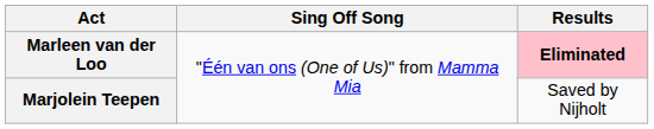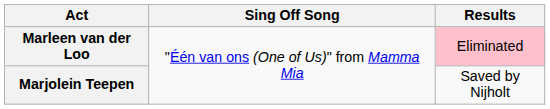 <table class="wikitable plainrowheaders" style="text-align:center;">
 <tr>
 <th scope="col">Act</th>
 <th scope="col">Sing Off Song</th>
 <th scope="col">Results</th>
 </tr>
 <tr>
 <th scope="row">Marleen van der Loo</th>
 <td rowspan="2">"<a href='#'>Één van ons</a> <em>(One of Us)</em>" from <em><a href='#'>Mamma Mia</a></em></td>
-<td style="background:pink;"><strong>Eliminated</strong></td>
+<td style="background:pink;">Eliminated</td>
 </tr>
 <tr>
 <th scope="row">Marjolein Teepen</th>
 <td>Saved by Nijholt</td>
 </tr>
 </table>
